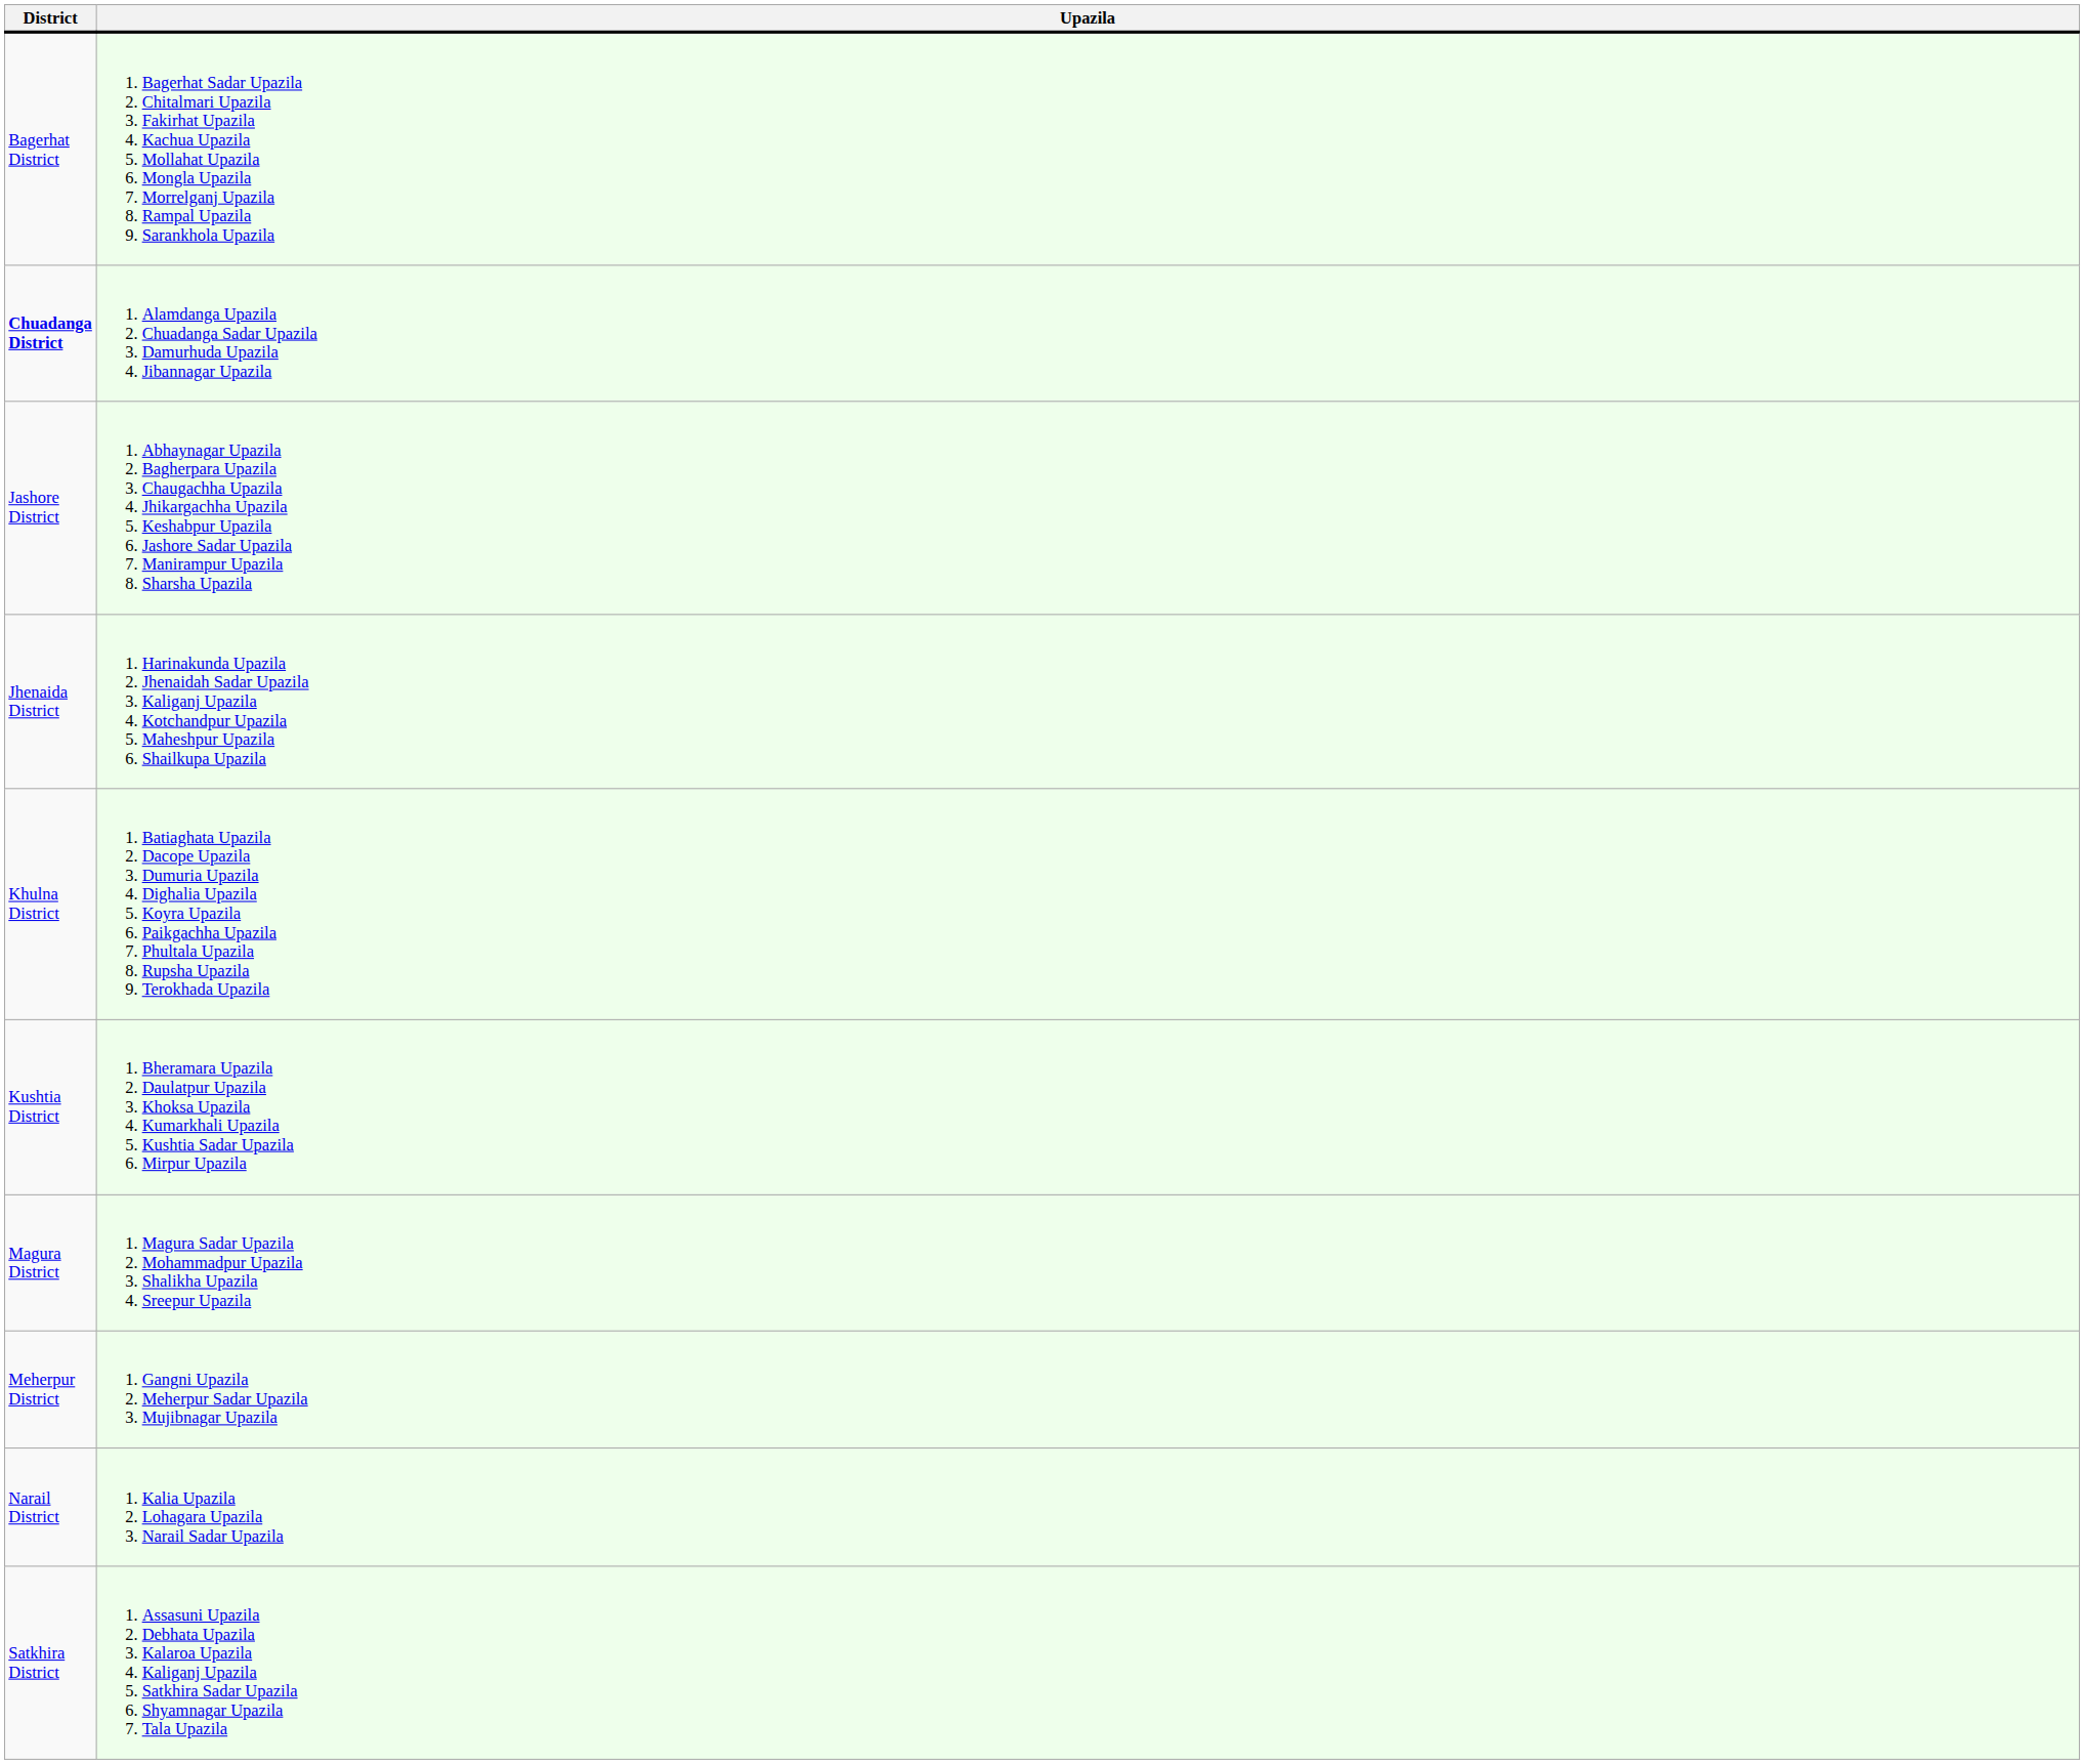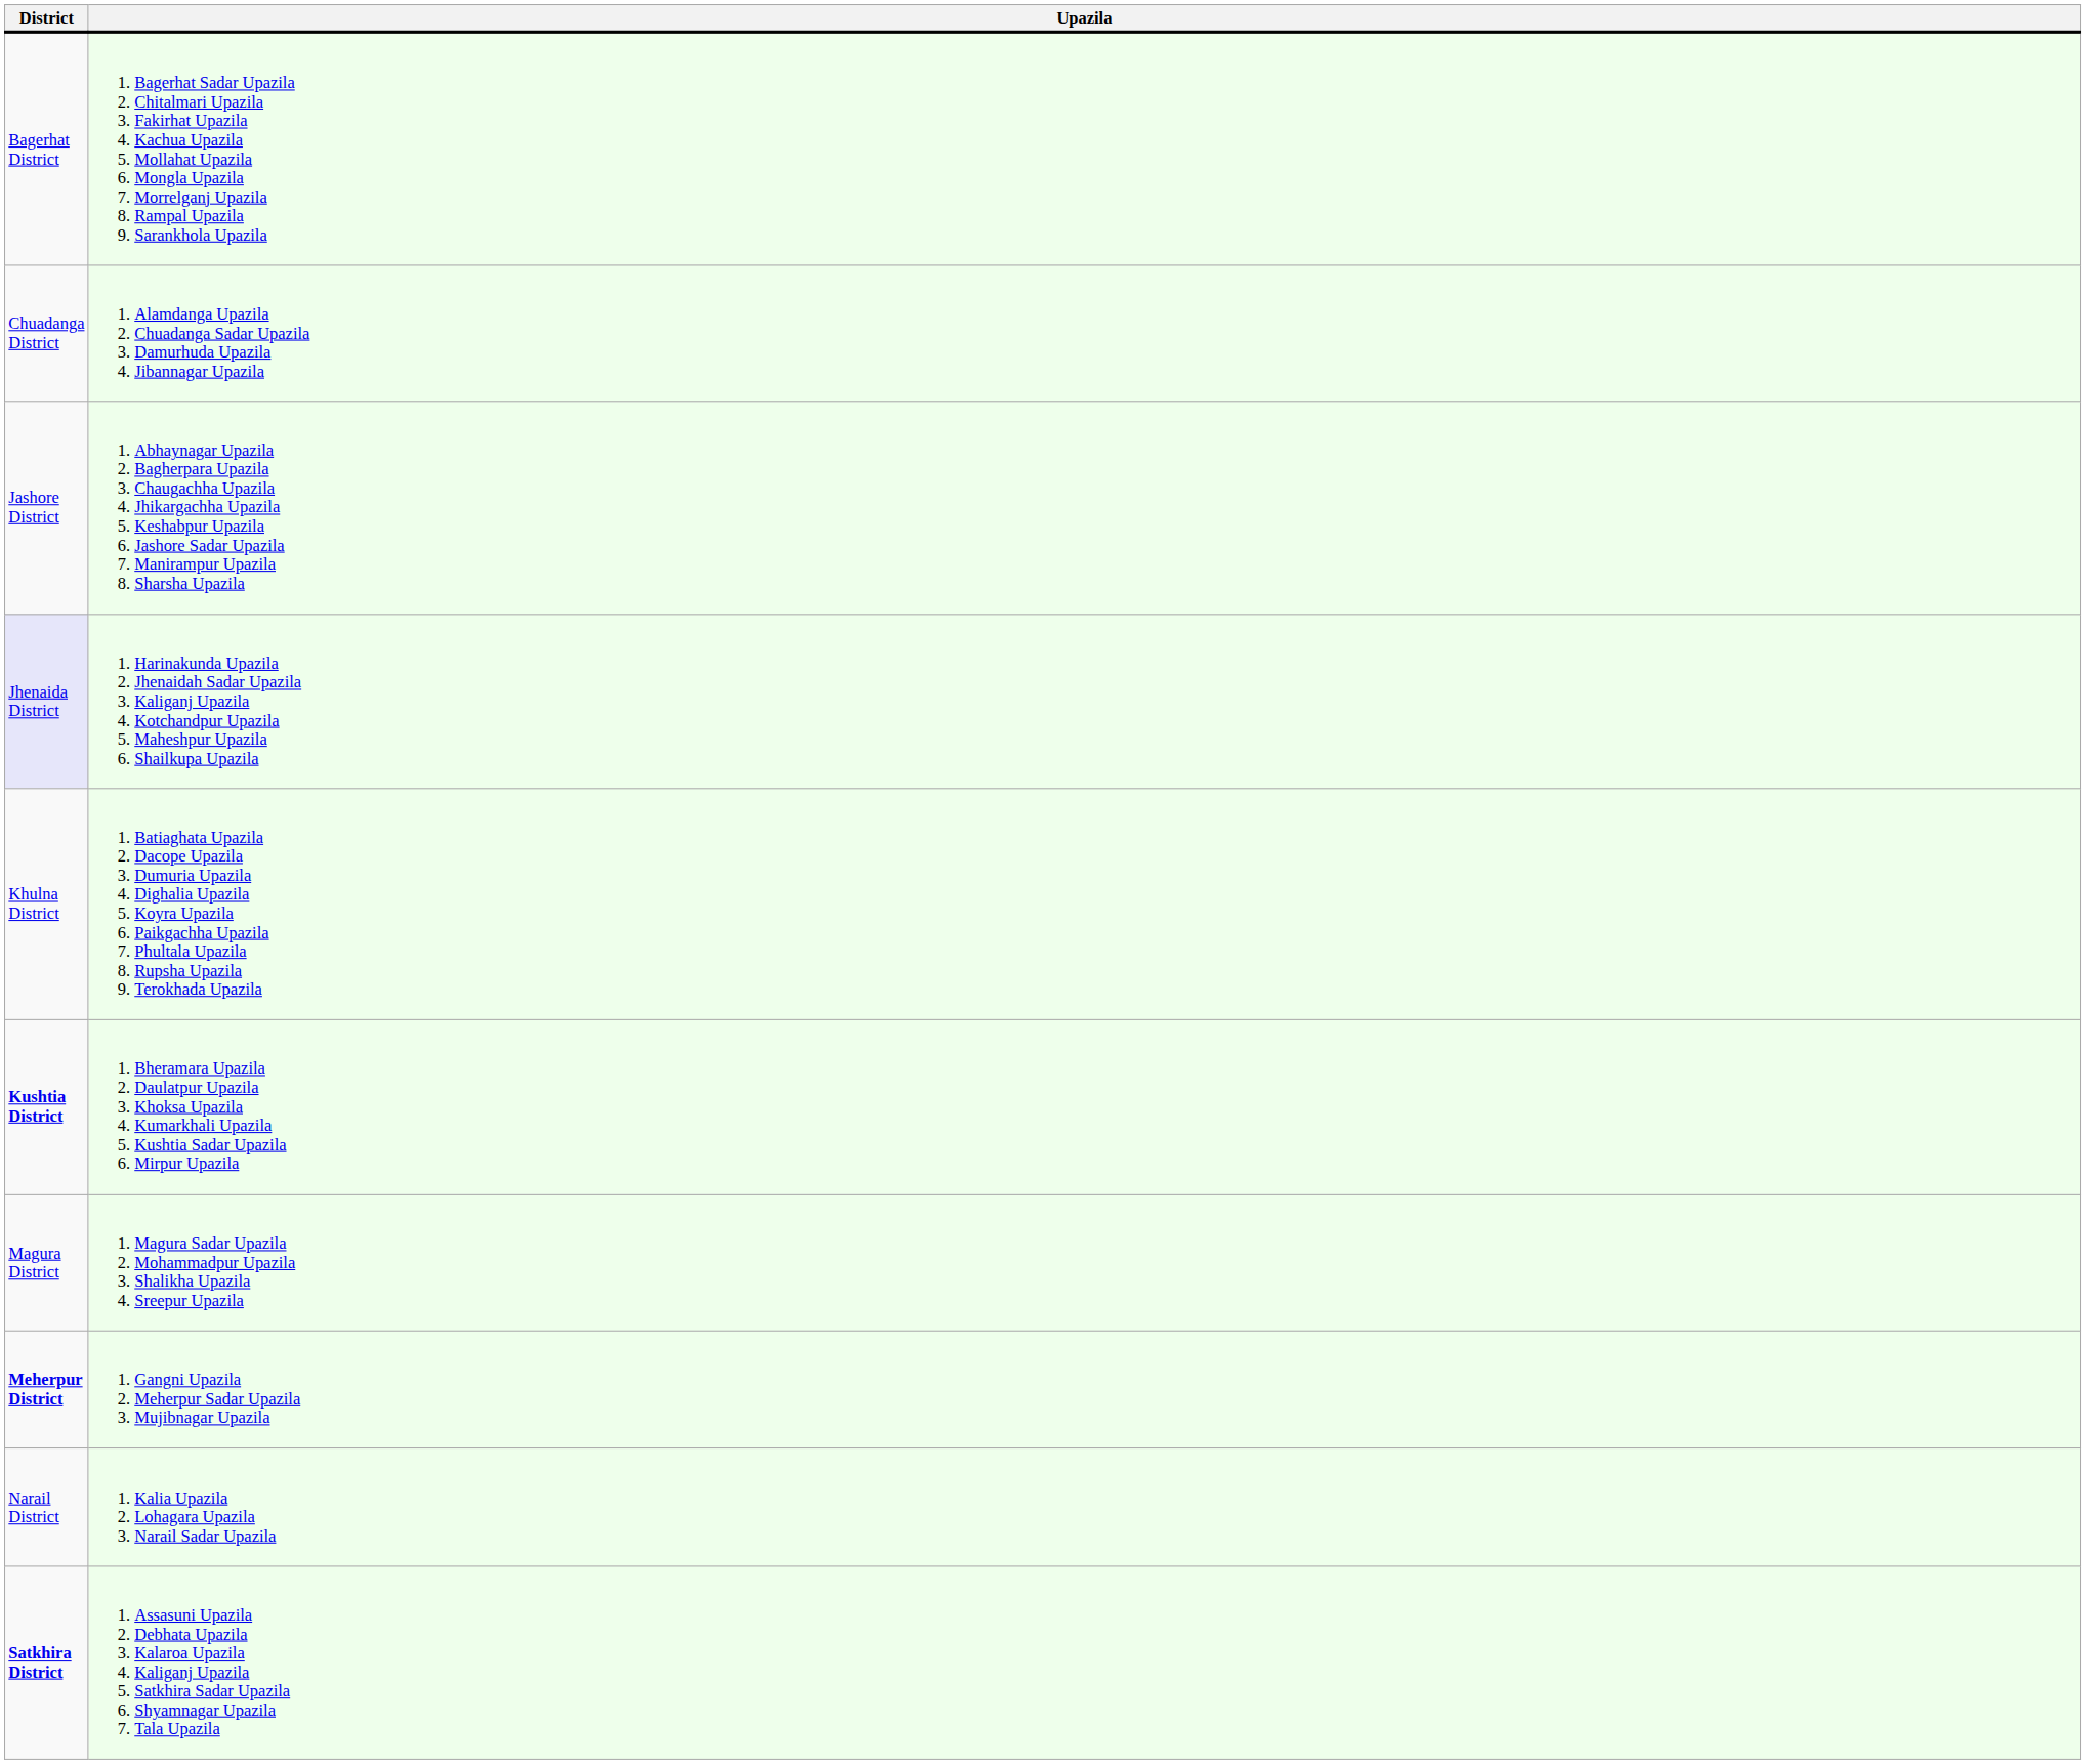 <table class="wikitable">
 <tr>
 <th>District</th>
 <th colspan="7" width="100%">Upazila</th>
 </tr>
 <tr style="border-top: 3px solid black">
 <td rowspan="1"><a href='#'>Bagerhat District</a></td>
 <td colspan="2" style="background: #eeffeb"><br><ol><li><a href='#'>Bagerhat Sadar Upazila</a></li><li><a href='#'>Chitalmari Upazila</a></li><li><a href='#'>Fakirhat Upazila</a></li><li><a href='#'>Kachua Upazila</a></li><li><a href='#'>Mollahat Upazila</a></li><li><a href='#'>Mongla Upazila</a></li><li><a href='#'>Morrelganj Upazila</a></li><li><a href='#'>Rampal Upazila</a></li><li><a href='#'>Sarankhola Upazila</a></li></ol></td>
 </tr>
 <tr>
-<td rowspan="1"><strong><a href='#'>Chuadanga District</a></strong></td>
+<td rowspan="1"><a href='#'>Chuadanga District</a></td>
 <td colspan="2" style="background: #eeffeb"><br><ol><li><a href='#'>Alamdanga Upazila</a></li><li><a href='#'>Chuadanga Sadar Upazila</a></li><li><a href='#'>Damurhuda Upazila</a></li><li><a href='#'>Jibannagar Upazila</a></li></ol></td>
 </tr>
 <tr>
 <td rowspan="1"><a href='#'>Jashore District</a></td>
 <td colspan="2" style="background: #eeffeb"><br><ol><li><a href='#'>Abhaynagar Upazila</a></li><li><a href='#'>Bagherpara Upazila</a></li><li><a href='#'>Chaugachha Upazila</a></li><li><a href='#'>Jhikargachha Upazila</a></li><li><a href='#'>Keshabpur Upazila</a></li><li><a href='#'>Jashore Sadar Upazila</a></li><li><a href='#'>Manirampur Upazila</a></li><li><a href='#'>Sharsha Upazila</a></li></ol></td>
 </tr>
 <tr>
-<td rowspan="1"><a href='#'>Jhenaida District</a></td>
+<td rowspan="1" style="background: lavender;"><a href='#'>Jhenaida District</a></td>
 <td colspan="2" style="background: #eeffeb"><br><ol><li><a href='#'>Harinakunda Upazila</a></li><li><a href='#'>Jhenaidah Sadar Upazila</a></li><li><a href='#'>Kaliganj Upazila</a></li><li><a href='#'>Kotchandpur Upazila</a></li><li><a href='#'>Maheshpur Upazila</a></li><li><a href='#'>Shailkupa Upazila</a></li></ol></td>
 </tr>
 <tr>
 <td rowspan="1"><a href='#'>Khulna District</a></td>
 <td colspan="2" style="background: #eeffeb"><br><ol><li><a href='#'>Batiaghata Upazila</a></li><li><a href='#'>Dacope Upazila</a></li><li><a href='#'>Dumuria Upazila</a></li><li><a href='#'>Dighalia Upazila</a></li><li><a href='#'>Koyra Upazila</a></li><li><a href='#'>Paikgachha Upazila</a></li><li><a href='#'>Phultala Upazila</a></li><li><a href='#'>Rupsha Upazila</a></li><li><a href='#'>Terokhada Upazila</a></li></ol></td>
 </tr>
 <tr>
-<td rowspan="1"><a href='#'>Kushtia District</a></td>
+<td rowspan="1"><strong><a href='#'>Kushtia District</a></strong></td>
 <td colspan="2" style="background: #eeffeb"><br><ol><li><a href='#'>Bheramara Upazila</a></li><li><a href='#'>Daulatpur Upazila</a></li><li><a href='#'>Khoksa Upazila</a></li><li><a href='#'>Kumarkhali Upazila</a></li><li><a href='#'>Kushtia Sadar Upazila</a></li><li><a href='#'>Mirpur Upazila</a></li></ol></td>
 </tr>
 <tr>
 <td rowspan="1"><a href='#'>Magura District</a></td>
 <td colspan="2" style="background: #eeffeb"><br><ol><li><a href='#'>Magura Sadar Upazila</a></li><li><a href='#'>Mohammadpur Upazila</a></li><li><a href='#'>Shalikha Upazila</a></li><li><a href='#'>Sreepur Upazila</a></li></ol></td>
 </tr>
 <tr>
-<td rowspan="1"><a href='#'>Meherpur District</a></td>
+<td rowspan="1"><strong><a href='#'>Meherpur District</a></strong></td>
 <td colspan="2" style="background: #eeffeb"><br><ol><li><a href='#'>Gangni Upazila</a></li><li><a href='#'>Meherpur Sadar Upazila</a></li><li><a href='#'>Mujibnagar Upazila</a></li></ol></td>
 </tr>
 <tr>
 <td rowspan="1"><a href='#'>Narail District</a></td>
 <td colspan="2" style="background: #eeffeb"><br><ol><li><a href='#'>Kalia Upazila</a></li><li><a href='#'>Lohagara Upazila</a></li><li><a href='#'>Narail Sadar Upazila</a></li></ol></td>
 </tr>
 <tr>
-<td rowspan="1"><a href='#'>Satkhira District</a></td>
+<td rowspan="1"><strong><a href='#'>Satkhira District</a></strong></td>
 <td colspan="2" style="background: #eeffeb"><br><ol><li><a href='#'>Assasuni Upazila</a></li><li><a href='#'>Debhata Upazila</a></li><li><a href='#'>Kalaroa Upazila</a></li><li><a href='#'>Kaliganj Upazila</a></li><li><a href='#'>Satkhira Sadar Upazila</a></li><li><a href='#'>Shyamnagar Upazila</a></li><li><a href='#'>Tala Upazila</a></li></ol></td>
 </tr>
 </table>
